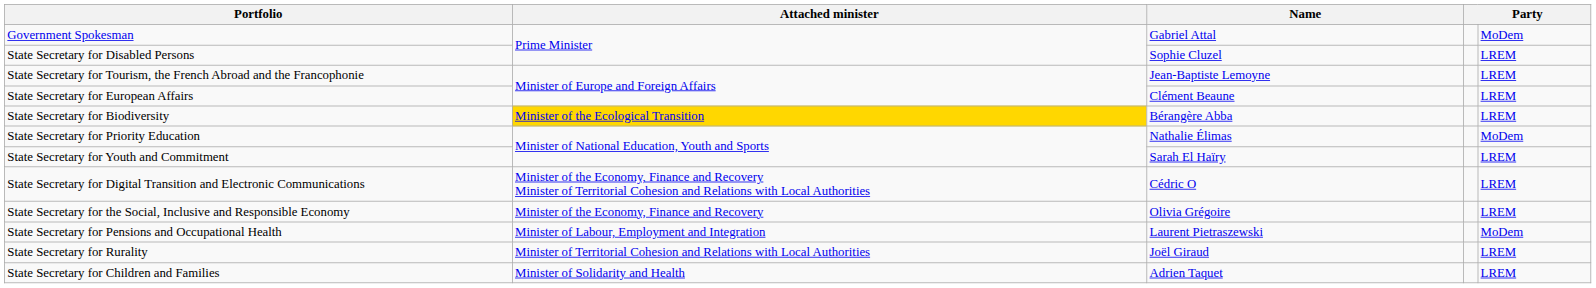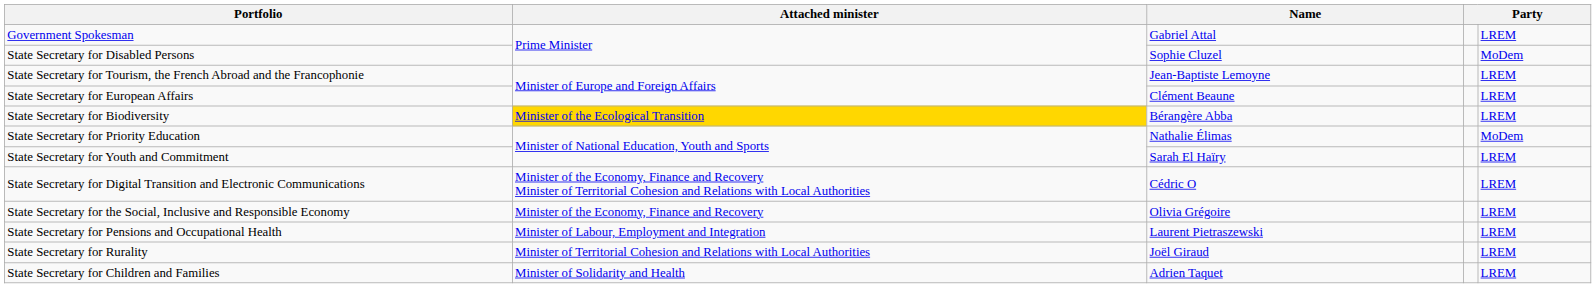 <table class="wikitable" style="width:100%">
 <tr>
 <th>Portfolio</th>
 <th style="width:40%">Attached minister</th>
 <th style="width:20%">Name</th>
 <th style="width:8%" colspan="2">Party</th>
 </tr>
 <tr>
 <td><a href='#'>Government Spokesman</a></td>
 <td rowspan=2><a href='#'>Prime Minister</a></td>
 <td><a href='#'>Gabriel Attal</a></td>
 <td style="background:"></td>
-<td><a href='#'>MoDem</a></td>
+<td><a href='#'>LREM</a></td>
 </tr>
 <tr>
 <td>State Secretary for Disabled Persons</td>
 <td><a href='#'>Sophie Cluzel</a></td>
 <td style="background:"></td>
-<td><a href='#'>LREM</a></td>
+<td><a href='#'>MoDem</a></td>
 </tr>
 <tr>
 <td>State Secretary for Tourism, the French Abroad and the Francophonie</td>
 <td rowspan=2><a href='#'>Minister of Europe and Foreign Affairs</a></td>
 <td><a href='#'>Jean-Baptiste Lemoyne</a></td>
 <td style="background:"></td>
 <td><a href='#'>LREM</a></td>
 </tr>
 <tr>
 <td>State Secretary for European Affairs</td>
 <td><a href='#'>Clément Beaune</a></td>
 <td style="background:"></td>
 <td><a href='#'>LREM</a></td>
 </tr>
 <tr>
 <td>State Secretary for Biodiversity</td>
 <td style="background: gold;"><a href='#'>Minister of the Ecological Transition</a></td>
 <td><a href='#'>Bérangère Abba</a></td>
 <td style="background:"></td>
 <td><a href='#'>LREM</a></td>
 </tr>
 <tr>
 <td>State Secretary for Priority Education</td>
 <td rowspan=2><a href='#'>Minister of National Education, Youth and Sports</a></td>
 <td><a href='#'>Nathalie Élimas</a></td>
 <td style=background:></td>
 <td><a href='#'>MoDem</a></td>
 </tr>
 <tr>
 <td>State Secretary for Youth and Commitment</td>
 <td><a href='#'>Sarah El Haïry</a></td>
 <td style=background:></td>
 <td><a href='#'>LREM</a></td>
 </tr>
 <tr>
 <td>State Secretary for Digital Transition and Electronic Communications</td>
 <td><a href='#'>Minister of the Economy, Finance and Recovery</a><br><a href='#'>Minister of Territorial Cohesion and Relations with Local Authorities</a></td>
 <td><a href='#'>Cédric O</a></td>
 <td style="background:"></td>
 <td><a href='#'>LREM</a></td>
 </tr>
 <tr>
 <td>State Secretary for the Social, Inclusive and Responsible Economy</td>
 <td><a href='#'>Minister of the Economy, Finance and Recovery</a></td>
 <td><a href='#'>Olivia Grégoire</a></td>
 <td style="background:"></td>
 <td><a href='#'>LREM</a></td>
 </tr>
 <tr>
 <td>State Secretary for Pensions and Occupational Health</td>
 <td><a href='#'>Minister of Labour, Employment and Integration</a></td>
 <td><a href='#'>Laurent Pietraszewski</a></td>
 <td style="background:"></td>
-<td><a href='#'>MoDem</a></td>
+<td><a href='#'>LREM</a></td>
 </tr>
 <tr>
 <td>State Secretary for Rurality</td>
 <td><a href='#'>Minister of Territorial Cohesion and Relations with Local Authorities</a></td>
 <td><a href='#'>Joël Giraud</a></td>
 <td style="background:"></td>
 <td><a href='#'>LREM</a></td>
 </tr>
 <tr>
 <td>State Secretary for Children and Families</td>
 <td><a href='#'>Minister of Solidarity and Health</a></td>
 <td><a href='#'>Adrien Taquet</a></td>
 <td style="background:"></td>
 <td><a href='#'>LREM</a></td>
 </tr>
 </table>
